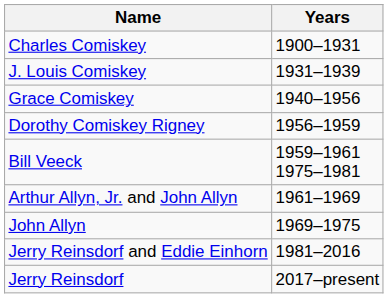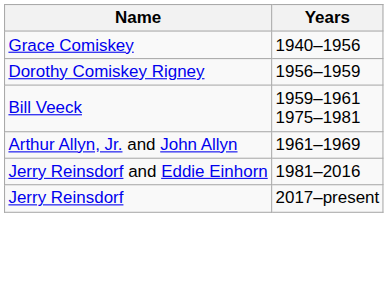 <table class="wikitable">
 <tr>
 <th>Name</th>
 <th>Years</th>
-</tr>
-<tr>
-<td><a href='#'>Charles Comiskey</a></td>
-<td>1900–1931</td>
-</tr>
-<tr>
-<td><a href='#'>J. Louis Comiskey</a></td>
-<td>1931–1939</td>
 </tr>
 <tr>
 <td><a href='#'>Grace Comiskey</a></td>
 <td>1940–1956</td>
 </tr>
 <tr>
 <td><a href='#'>Dorothy Comiskey Rigney</a></td>
 <td>1956–1959</td>
 </tr>
 <tr>
 <td><a href='#'>Bill Veeck</a></td>
 <td>1959–1961<br>1975–1981</td>
 </tr>
 <tr>
 <td><a href='#'>Arthur Allyn, Jr.</a> and <a href='#'>John Allyn</a></td>
 <td>1961–1969</td>
 </tr>
 <tr>
-<td><a href='#'>John Allyn</a></td>
-<td>1969–1975</td>
-</tr>
-<tr>
 <td><a href='#'>Jerry Reinsdorf</a> and <a href='#'>Eddie Einhorn</a></td>
 <td>1981–2016</td>
 </tr>
 <tr>
 <td><a href='#'>Jerry Reinsdorf</a></td>
 <td>2017–present</td>
 </tr>
 </table>
